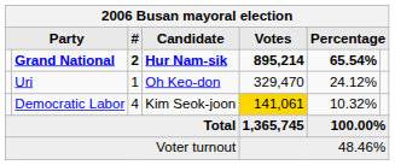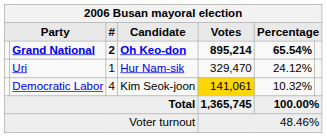 <table class="wikitable">
 <tr>
 <th colspan="7">2006 Busan mayoral election</th>
 </tr>
 <tr>
 <th style="background-color:#E9E9E9" colspan=2>Party</th>
 <th style="background-color:#E9E9E9">#</th>
 <th style="background-color:#E9E9E9">Candidate</th>
 <th style="background-color:#E9E9E9">Votes</th>
 <th style="background-color:#E9E9E9" colspan=2>Percentage</th>
 </tr>
 <tr style="font-weight:bold">
 <td></td>
 <td align=left><a href='#'>Grand National</a></td>
 <td align=center>2</td>
-<td align=left><a href='#'>Hur Nam-sik</a></td>
+<td align=left><a href='#'>Oh Keo-don</a></td>
 <td align=right>895,214</td>
 <td align=right>65.54%</td>
 <td align=right></td>
 </tr>
 <tr>
 <td></td>
 <td align=left><a href='#'>Uri</a></td>
 <td align=center>1</td>
-<td align=left><a href='#'>Oh Keo-don</a></td>
+<td align=left><a href='#'>Hur Nam-sik</a></td>
 <td align=right>329,470</td>
 <td align=right>24.12%</td>
 <td align=right></td>
 </tr>
 <tr>
 <td></td>
 <td align=left><a href='#'>Democratic Labor</a></td>
 <td align=center>4</td>
 <td align=left>Kim Seok-joon</td>
 <td align=right style="background: gold;">141,061</td>
 <td align=right>10.32%</td>
 <td align=right></td>
 </tr>
 <tr bgcolor="#EEEEEE" style="font-weight:bold">
 <td colspan="4" align=right>Total</td>
 <td align=right>1,365,745</td>
 <td align=right colspan=2>100.00%</td>
 </tr>
 <tr bgcolor="#EEEEEE">
 <td colspan="4" align="right">Voter turnout</td>
 <td colspan="3" align="right">48.46%</td>
 </tr>
 </table>
